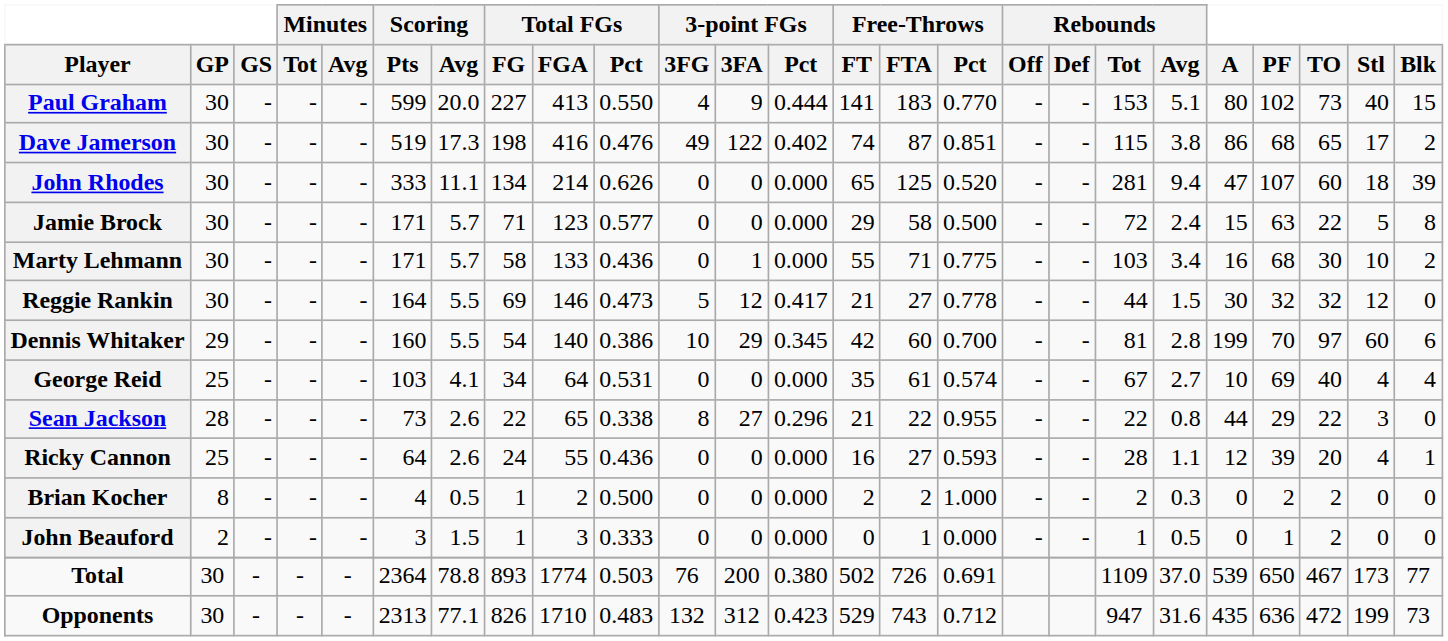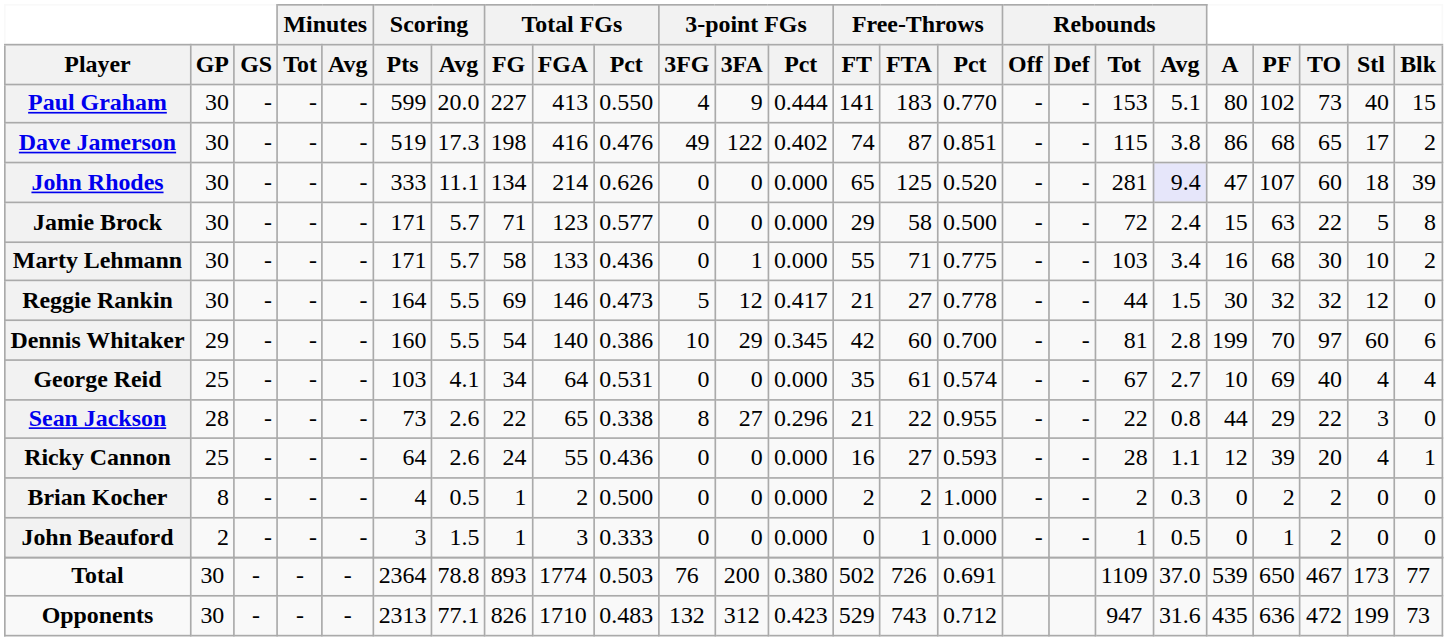 <table class="wikitable sortable" border="1" style="font-size:90%;">
 <tr>
 <th colspan="3" style="border-top-style:hidden; border-left-style:hidden; background: white;"></th>
 <th colspan="2" style=>Minutes</th>
 <th colspan="2" style=>Scoring</th>
 <th colspan="3" style=>Total FGs</th>
 <th colspan="3" style=>3-point FGs</th>
 <th colspan="3" style=>Free-Throws</th>
 <th colspan="4" style=>Rebounds</th>
 <th colspan="5" style="border-top-style:hidden; border-right-style:hidden; background: white;"></th>
 </tr>
 <tr>
 <th scope="col" style=>Player</th>
 <th scope="col" style=>GP</th>
 <th scope="col" style=>GS</th>
 <th scope="col" style=>Tot</th>
 <th scope="col" style=>Avg</th>
 <th scope="col" style=>Pts</th>
 <th scope="col" style=>Avg</th>
 <th scope="col" style=>FG</th>
 <th scope="col" style=>FGA</th>
 <th scope="col" style=>Pct</th>
 <th scope="col" style=>3FG</th>
 <th scope="col" style=>3FA</th>
 <th scope="col" style=>Pct</th>
 <th scope="col" style=>FT</th>
 <th scope="col" style=>FTA</th>
 <th scope="col" style=>Pct</th>
 <th scope="col" style=>Off</th>
 <th scope="col" style=>Def</th>
 <th scope="col" style=>Tot</th>
 <th scope="col" style=>Avg</th>
 <th scope="col" style=>A</th>
 <th scope="col" style=>PF</th>
 <th scope="col" style=>TO</th>
 <th scope="col" style=>Stl</th>
 <th scope="col" style=>Blk</th>
 </tr>
 <tr>
 <th><a href='#'>Paul Graham</a></th>
 <td align="right">30</td>
 <td align="right">-</td>
 <td align="right">-</td>
 <td align="right">-</td>
 <td align="right">599</td>
 <td align="right">20.0</td>
 <td align="right">227</td>
 <td align="right">413</td>
 <td align="right">0.550</td>
 <td align="right">4</td>
 <td align="right">9</td>
 <td align="right">0.444</td>
 <td align="right">141</td>
 <td align="right">183</td>
 <td align="right">0.770</td>
 <td align="right">-</td>
 <td align="right">-</td>
 <td align="right">153</td>
 <td align="right">5.1</td>
 <td align="right">80</td>
 <td align="right">102</td>
 <td align="right">73</td>
 <td align="right">40</td>
 <td align="right">15</td>
 </tr>
 <tr>
 <th><a href='#'>Dave Jamerson</a></th>
 <td align="right">30</td>
 <td align="right">-</td>
 <td align="right">-</td>
 <td align="right">-</td>
 <td align="right">519</td>
 <td align="right">17.3</td>
 <td align="right">198</td>
 <td align="right">416</td>
 <td align="right">0.476</td>
 <td align="right">49</td>
 <td align="right">122</td>
 <td align="right">0.402</td>
 <td align="right">74</td>
 <td align="right">87</td>
 <td align="right">0.851</td>
 <td align="right">-</td>
 <td align="right">-</td>
 <td align="right">115</td>
 <td align="right">3.8</td>
 <td align="right">86</td>
 <td align="right">68</td>
 <td align="right">65</td>
 <td align="right">17</td>
 <td align="right">2</td>
 </tr>
 <tr>
 <th><a href='#'>John Rhodes</a></th>
 <td align="right">30</td>
 <td align="right">-</td>
 <td align="right">-</td>
 <td align="right">-</td>
 <td align="right">333</td>
 <td align="right">11.1</td>
 <td align="right">134</td>
 <td align="right">214</td>
 <td align="right">0.626</td>
 <td align="right">0</td>
 <td align="right">0</td>
 <td align="right">0.000</td>
 <td align="right">65</td>
 <td align="right">125</td>
 <td align="right">0.520</td>
 <td align="right">-</td>
 <td align="right">-</td>
 <td align="right">281</td>
-<td align="right">9.4</td>
+<td align="right" style="background: lavender;">9.4</td>
 <td align="right">47</td>
 <td align="right">107</td>
 <td align="right">60</td>
 <td align="right">18</td>
 <td align="right">39</td>
 </tr>
 <tr>
 <th>Jamie Brock</th>
 <td align="right">30</td>
 <td align="right">-</td>
 <td align="right">-</td>
 <td align="right">-</td>
 <td align="right">171</td>
 <td align="right">5.7</td>
 <td align="right">71</td>
 <td align="right">123</td>
 <td align="right">0.577</td>
 <td align="right">0</td>
 <td align="right">0</td>
 <td align="right">0.000</td>
 <td align="right">29</td>
 <td align="right">58</td>
 <td align="right">0.500</td>
 <td align="right">-</td>
 <td align="right">-</td>
 <td align="right">72</td>
 <td align="right">2.4</td>
 <td align="right">15</td>
 <td align="right">63</td>
 <td align="right">22</td>
 <td align="right">5</td>
 <td align="right">8</td>
 </tr>
 <tr>
 <th>Marty Lehmann</th>
 <td align="right">30</td>
 <td align="right">-</td>
 <td align="right">-</td>
 <td align="right">-</td>
 <td align="right">171</td>
 <td align="right">5.7</td>
 <td align="right">58</td>
 <td align="right">133</td>
 <td align="right">0.436</td>
 <td align="right">0</td>
 <td align="right">1</td>
 <td align="right">0.000</td>
 <td align="right">55</td>
 <td align="right">71</td>
 <td align="right">0.775</td>
 <td align="right">-</td>
 <td align="right">-</td>
 <td align="right">103</td>
 <td align="right">3.4</td>
 <td align="right">16</td>
 <td align="right">68</td>
 <td align="right">30</td>
 <td align="right">10</td>
 <td align="right">2</td>
 </tr>
 <tr>
 <th>Reggie Rankin</th>
 <td align="right">30</td>
 <td align="right">-</td>
 <td align="right">-</td>
 <td align="right">-</td>
 <td align="right">164</td>
 <td align="right">5.5</td>
 <td align="right">69</td>
 <td align="right">146</td>
 <td align="right">0.473</td>
 <td align="right">5</td>
 <td align="right">12</td>
 <td align="right">0.417</td>
 <td align="right">21</td>
 <td align="right">27</td>
 <td align="right">0.778</td>
 <td align="right">-</td>
 <td align="right">-</td>
 <td align="right">44</td>
 <td align="right">1.5</td>
 <td align="right">30</td>
 <td align="right">32</td>
 <td align="right">32</td>
 <td align="right">12</td>
 <td align="right">0</td>
 </tr>
 <tr>
 <th>Dennis Whitaker</th>
 <td align="right">29</td>
 <td align="right">-</td>
 <td align="right">-</td>
 <td align="right">-</td>
 <td align="right">160</td>
 <td align="right">5.5</td>
 <td align="right">54</td>
 <td align="right">140</td>
 <td align="right">0.386</td>
 <td align="right">10</td>
 <td align="right">29</td>
 <td align="right">0.345</td>
 <td align="right">42</td>
 <td align="right">60</td>
 <td align="right">0.700</td>
 <td align="right">-</td>
 <td align="right">-</td>
 <td align="right">81</td>
 <td align="right">2.8</td>
 <td align="right">199</td>
 <td align="right">70</td>
 <td align="right">97</td>
 <td align="right">60</td>
 <td align="right">6</td>
 </tr>
 <tr>
 <th>George Reid</th>
 <td align="right">25</td>
 <td align="right">-</td>
 <td align="right">-</td>
 <td align="right">-</td>
 <td align="right">103</td>
 <td align="right">4.1</td>
 <td align="right">34</td>
 <td align="right">64</td>
 <td align="right">0.531</td>
 <td align="right">0</td>
 <td align="right">0</td>
 <td align="right">0.000</td>
 <td align="right">35</td>
 <td align="right">61</td>
 <td align="right">0.574</td>
 <td align="right">-</td>
 <td align="right">-</td>
 <td align="right">67</td>
 <td align="right">2.7</td>
 <td align="right">10</td>
 <td align="right">69</td>
 <td align="right">40</td>
 <td align="right">4</td>
 <td align="right">4</td>
 </tr>
 <tr>
 <th><a href='#'>Sean Jackson</a></th>
 <td align="right">28</td>
 <td align="right">-</td>
 <td align="right">-</td>
 <td align="right">-</td>
 <td align="right">73</td>
 <td align="right">2.6</td>
 <td align="right">22</td>
 <td align="right">65</td>
 <td align="right">0.338</td>
 <td align="right">8</td>
 <td align="right">27</td>
 <td align="right">0.296</td>
 <td align="right">21</td>
 <td align="right">22</td>
 <td align="right">0.955</td>
 <td align="right">-</td>
 <td align="right">-</td>
 <td align="right">22</td>
 <td align="right">0.8</td>
 <td align="right">44</td>
 <td align="right">29</td>
 <td align="right">22</td>
 <td align="right">3</td>
 <td align="right">0</td>
 </tr>
 <tr>
 <th>Ricky Cannon</th>
 <td align="right">25</td>
 <td align="right">-</td>
 <td align="right">-</td>
 <td align="right">-</td>
 <td align="right">64</td>
 <td align="right">2.6</td>
 <td align="right">24</td>
 <td align="right">55</td>
 <td align="right">0.436</td>
 <td align="right">0</td>
 <td align="right">0</td>
 <td align="right">0.000</td>
 <td align="right">16</td>
 <td align="right">27</td>
 <td align="right">0.593</td>
 <td align="right">-</td>
 <td align="right">-</td>
 <td align="right">28</td>
 <td align="right">1.1</td>
 <td align="right">12</td>
 <td align="right">39</td>
 <td align="right">20</td>
 <td align="right">4</td>
 <td align="right">1</td>
 </tr>
 <tr>
 <th>Brian Kocher</th>
 <td align="right">8</td>
 <td align="right">-</td>
 <td align="right">-</td>
 <td align="right">-</td>
 <td align="right">4</td>
 <td align="right">0.5</td>
 <td align="right">1</td>
 <td align="right">2</td>
 <td align="right">0.500</td>
 <td align="right">0</td>
 <td align="right">0</td>
 <td align="right">0.000</td>
 <td align="right">2</td>
 <td align="right">2</td>
 <td align="right">1.000</td>
 <td align="right">-</td>
 <td align="right">-</td>
 <td align="right">2</td>
 <td align="right">0.3</td>
 <td align="right">0</td>
 <td align="right">2</td>
 <td align="right">2</td>
 <td align="right">0</td>
 <td align="right">0</td>
 </tr>
 <tr>
 <th>John Beauford</th>
 <td align="right">2</td>
 <td align="right">-</td>
 <td align="right">-</td>
 <td align="right">-</td>
 <td align="right">3</td>
 <td align="right">1.5</td>
 <td align="right">1</td>
 <td align="right">3</td>
 <td align="right">0.333</td>
 <td align="right">0</td>
 <td align="right">0</td>
 <td align="right">0.000</td>
 <td align="right">0</td>
 <td align="right">1</td>
 <td align="right">0.000</td>
 <td align="right">-</td>
 <td align="right">-</td>
 <td align="right">1</td>
 <td align="right">0.5</td>
 <td align="right">0</td>
 <td align="right">1</td>
 <td align="right">2</td>
 <td align="right">0</td>
 <td align="right">0</td>
 </tr>
 <tr>
 </tr>
 <tr class="sortbottom">
 <td align="center" style=><strong>Total</strong></td>
 <td align="center" style=>30</td>
 <td align="center" style=>-</td>
 <td align="center" style=>-</td>
 <td align="center" style=>-</td>
 <td align="center" style=>2364</td>
 <td align="center" style=>78.8</td>
 <td align="center" style=>893</td>
 <td align="center" style=>1774</td>
 <td align="center" style=>0.503</td>
 <td align="center" style=>76</td>
 <td align="center" style=>200</td>
 <td align="center" style=>0.380</td>
 <td align="center" style=>502</td>
 <td align="center" style=>726</td>
 <td align="center" style=>0.691</td>
 <td align="center" style=></td>
 <td align="center" style=></td>
 <td align="center" style=>1109</td>
 <td align="center" style=>37.0</td>
 <td align="center" style=>539</td>
 <td align="center" style=>650</td>
 <td align="center" style=>467</td>
 <td align="center" style=>173</td>
 <td align="center" style=>77</td>
 </tr>
 <tr class="sortbottom">
 <td align="center"><strong>Opponents</strong></td>
 <td align="center">30</td>
 <td align="center">-</td>
 <td align="center">-</td>
 <td align="center">-</td>
 <td align="center">2313</td>
 <td align="center">77.1</td>
 <td align="center">826</td>
 <td align="center">1710</td>
 <td align="center">0.483</td>
 <td align="center">132</td>
 <td align="center">312</td>
 <td align="center">0.423</td>
 <td align="center">529</td>
 <td align="center">743</td>
 <td align="center">0.712</td>
 <td align="center"></td>
 <td align="center"></td>
 <td align="center">947</td>
 <td align="center">31.6</td>
 <td align="center">435</td>
 <td align="center">636</td>
 <td align="center">472</td>
 <td align="center">199</td>
 <td align="center">73</td>
 </tr>
 </table>
